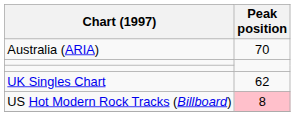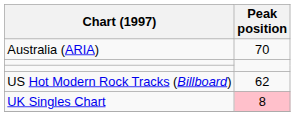 <table class="wikitable sortable">
 <tr>
 <th>Chart (1997)</th>
 <th>Peak<br>position</th>
 </tr>
 <tr>
 <td>Australia (<a href='#'>ARIA</a>)</td>
 <td align="center">70</td>
 </tr>
 <tr>
 <td></td>
 </tr>
 <tr>
 <td></td>
 </tr>
 <tr>
-<td><a href='#'>UK Singles Chart</a></td>
+<td>US <a href='#'>Hot Modern Rock Tracks</a> (<em><a href='#'>Billboard</a></em>)</td>
 <td align="center">62</td>
 </tr>
 <tr>
-<td>US <a href='#'>Hot Modern Rock Tracks</a> (<em><a href='#'>Billboard</a></em>)</td>
+<td><a href='#'>UK Singles Chart</a></td>
 <td align="center" style="background: pink;">8</td>
 </tr>
 <tr>
 </tr>
 </table>
